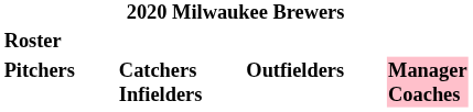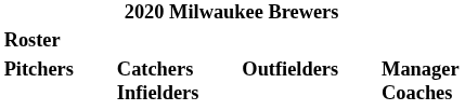 <table class="toccolours" style="font-size: 95%;">
 <tr>
 <th colspan="10">2020 Milwaukee Brewers</th>
 </tr>
 <tr>
 <td colspan="10"><strong>Roster</strong></td>
 </tr>
 <tr>
 <td valign="top"><strong>Pitchers</strong><br>                     </td>
 <td width="25px"></td>
 <td valign="top"><strong>Catchers</strong><br>   <strong>Infielders</strong>          </td>
 <td width="25px"></td>
 <td valign="top"><strong>Outfielders</strong><br>       </td>
 <td width="25px"></td>
-<td valign="top" style="background: pink;"><strong>Manager</strong><br> <strong>Coaches</strong>                  </td>
+<td valign="top"><strong>Manager</strong><br> <strong>Coaches</strong>                  </td>
 </tr>
 <tr>
 </tr>
 </table>
